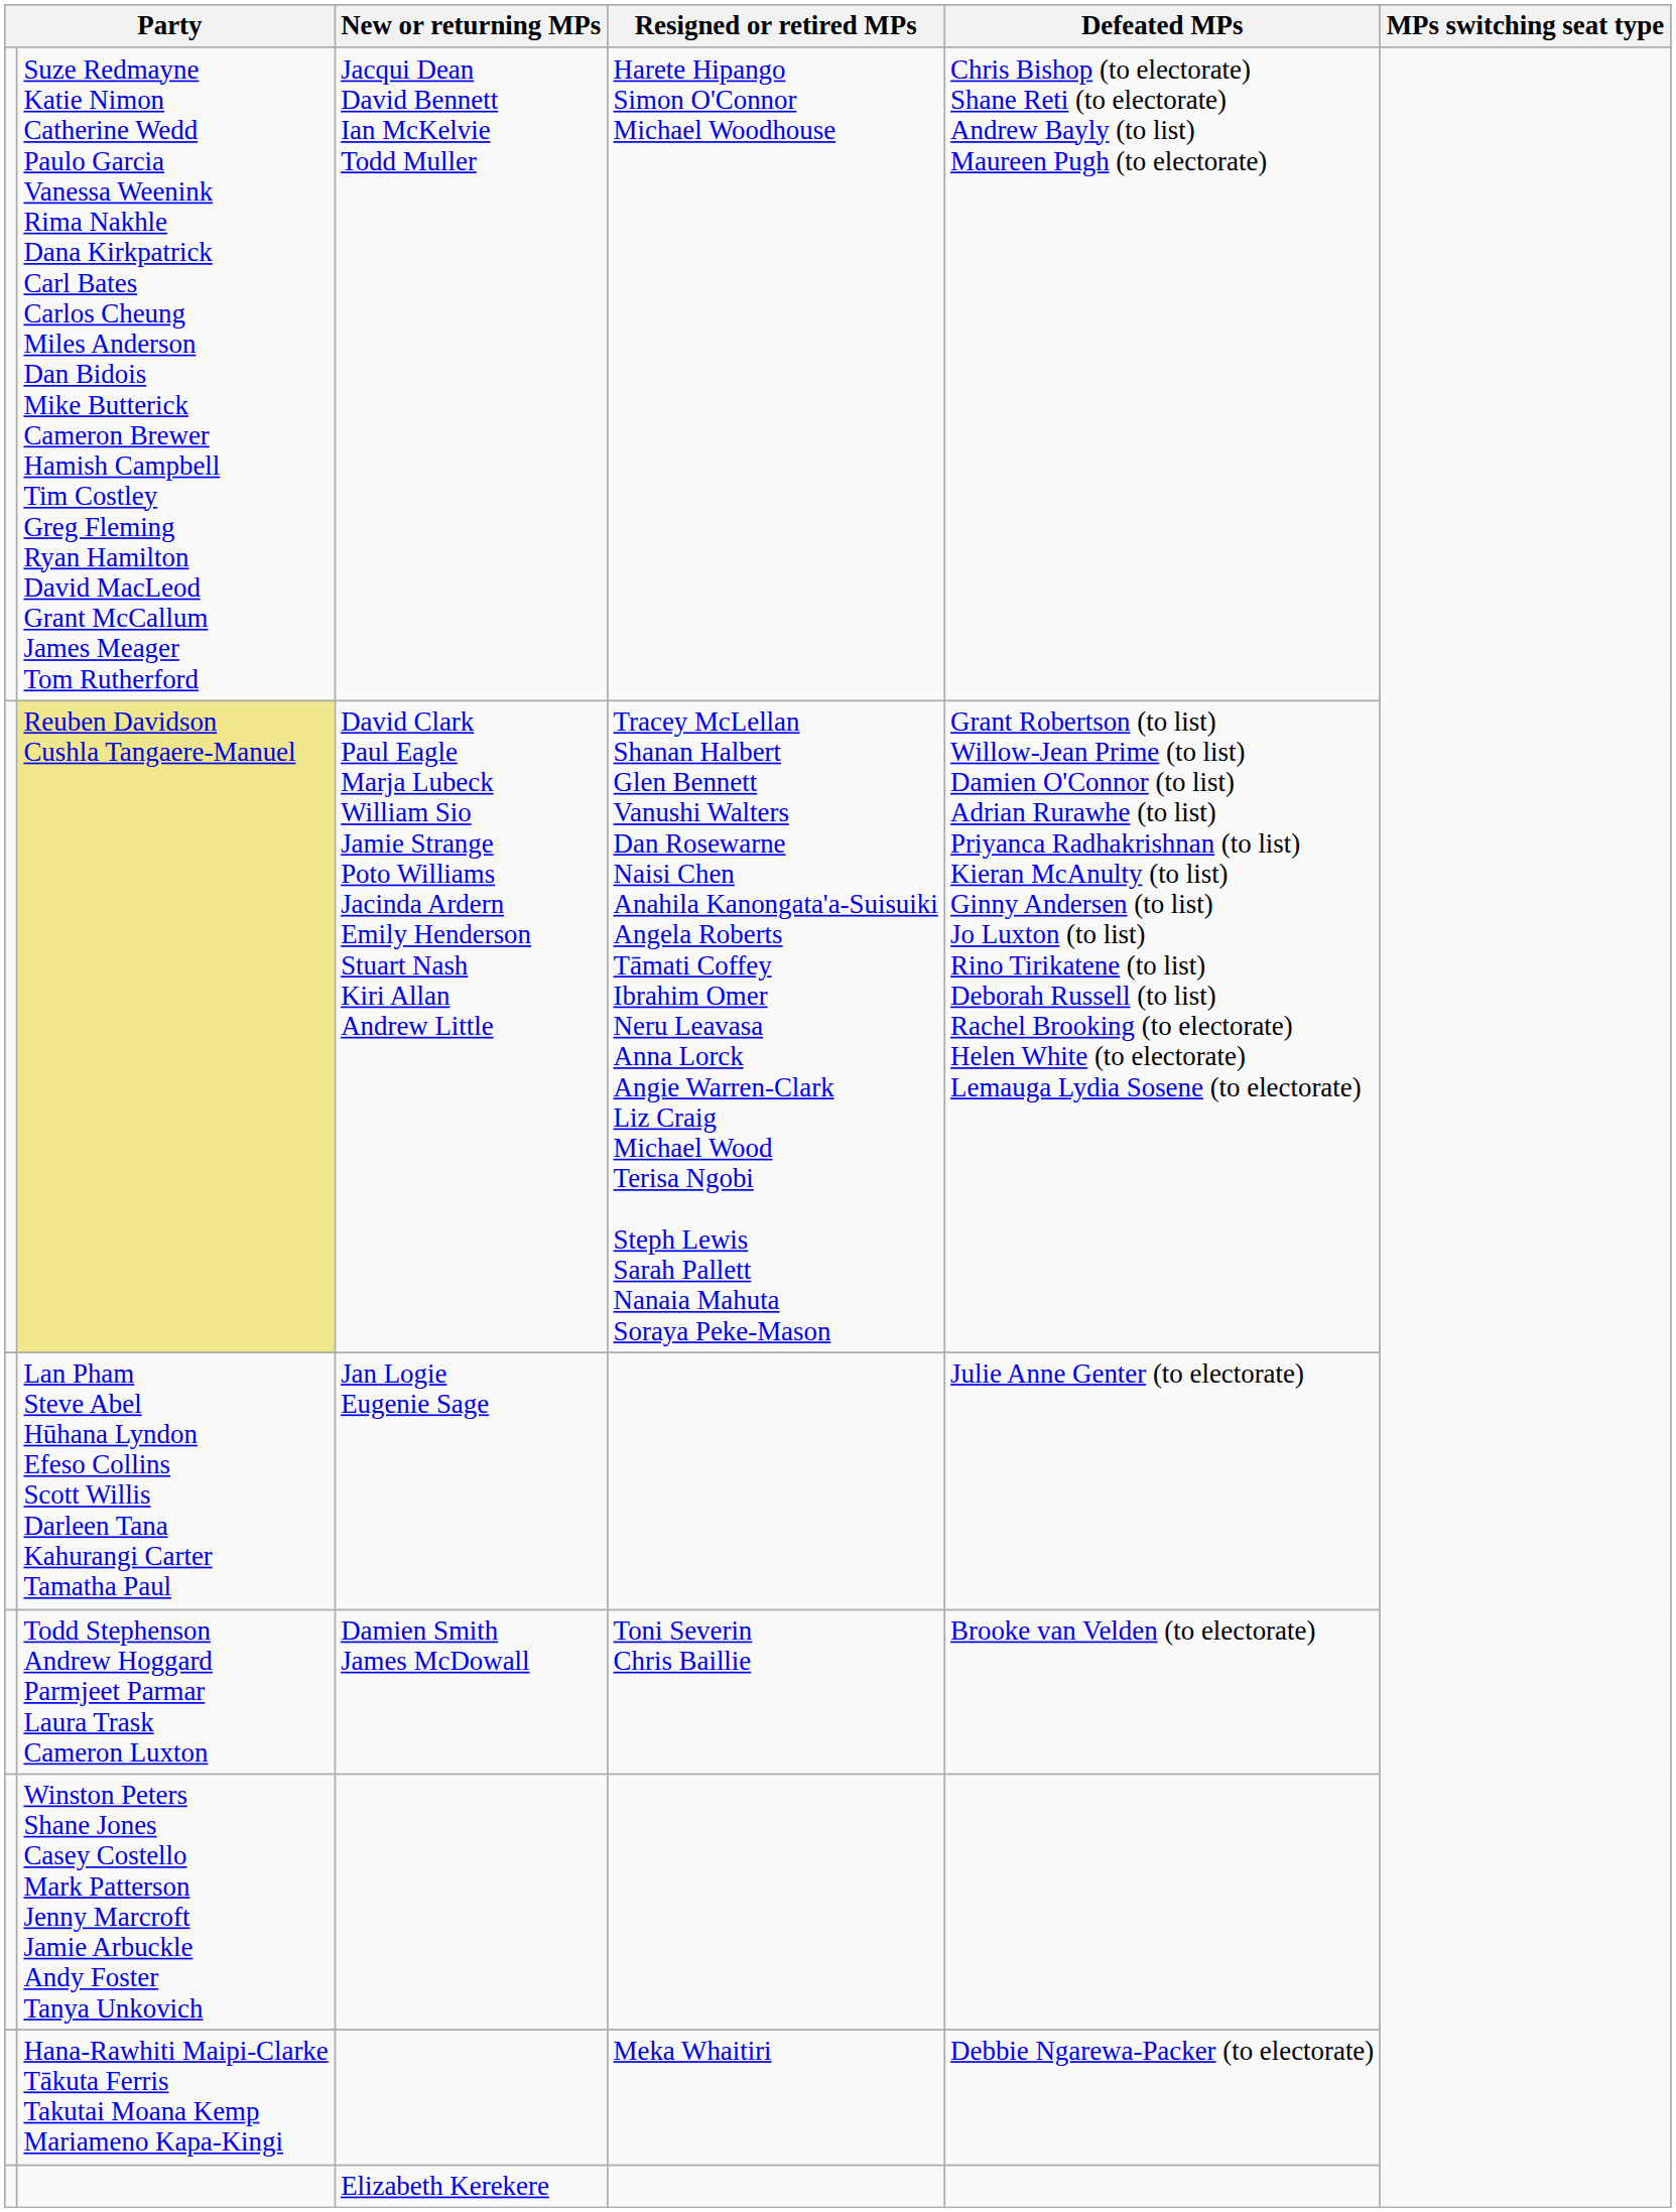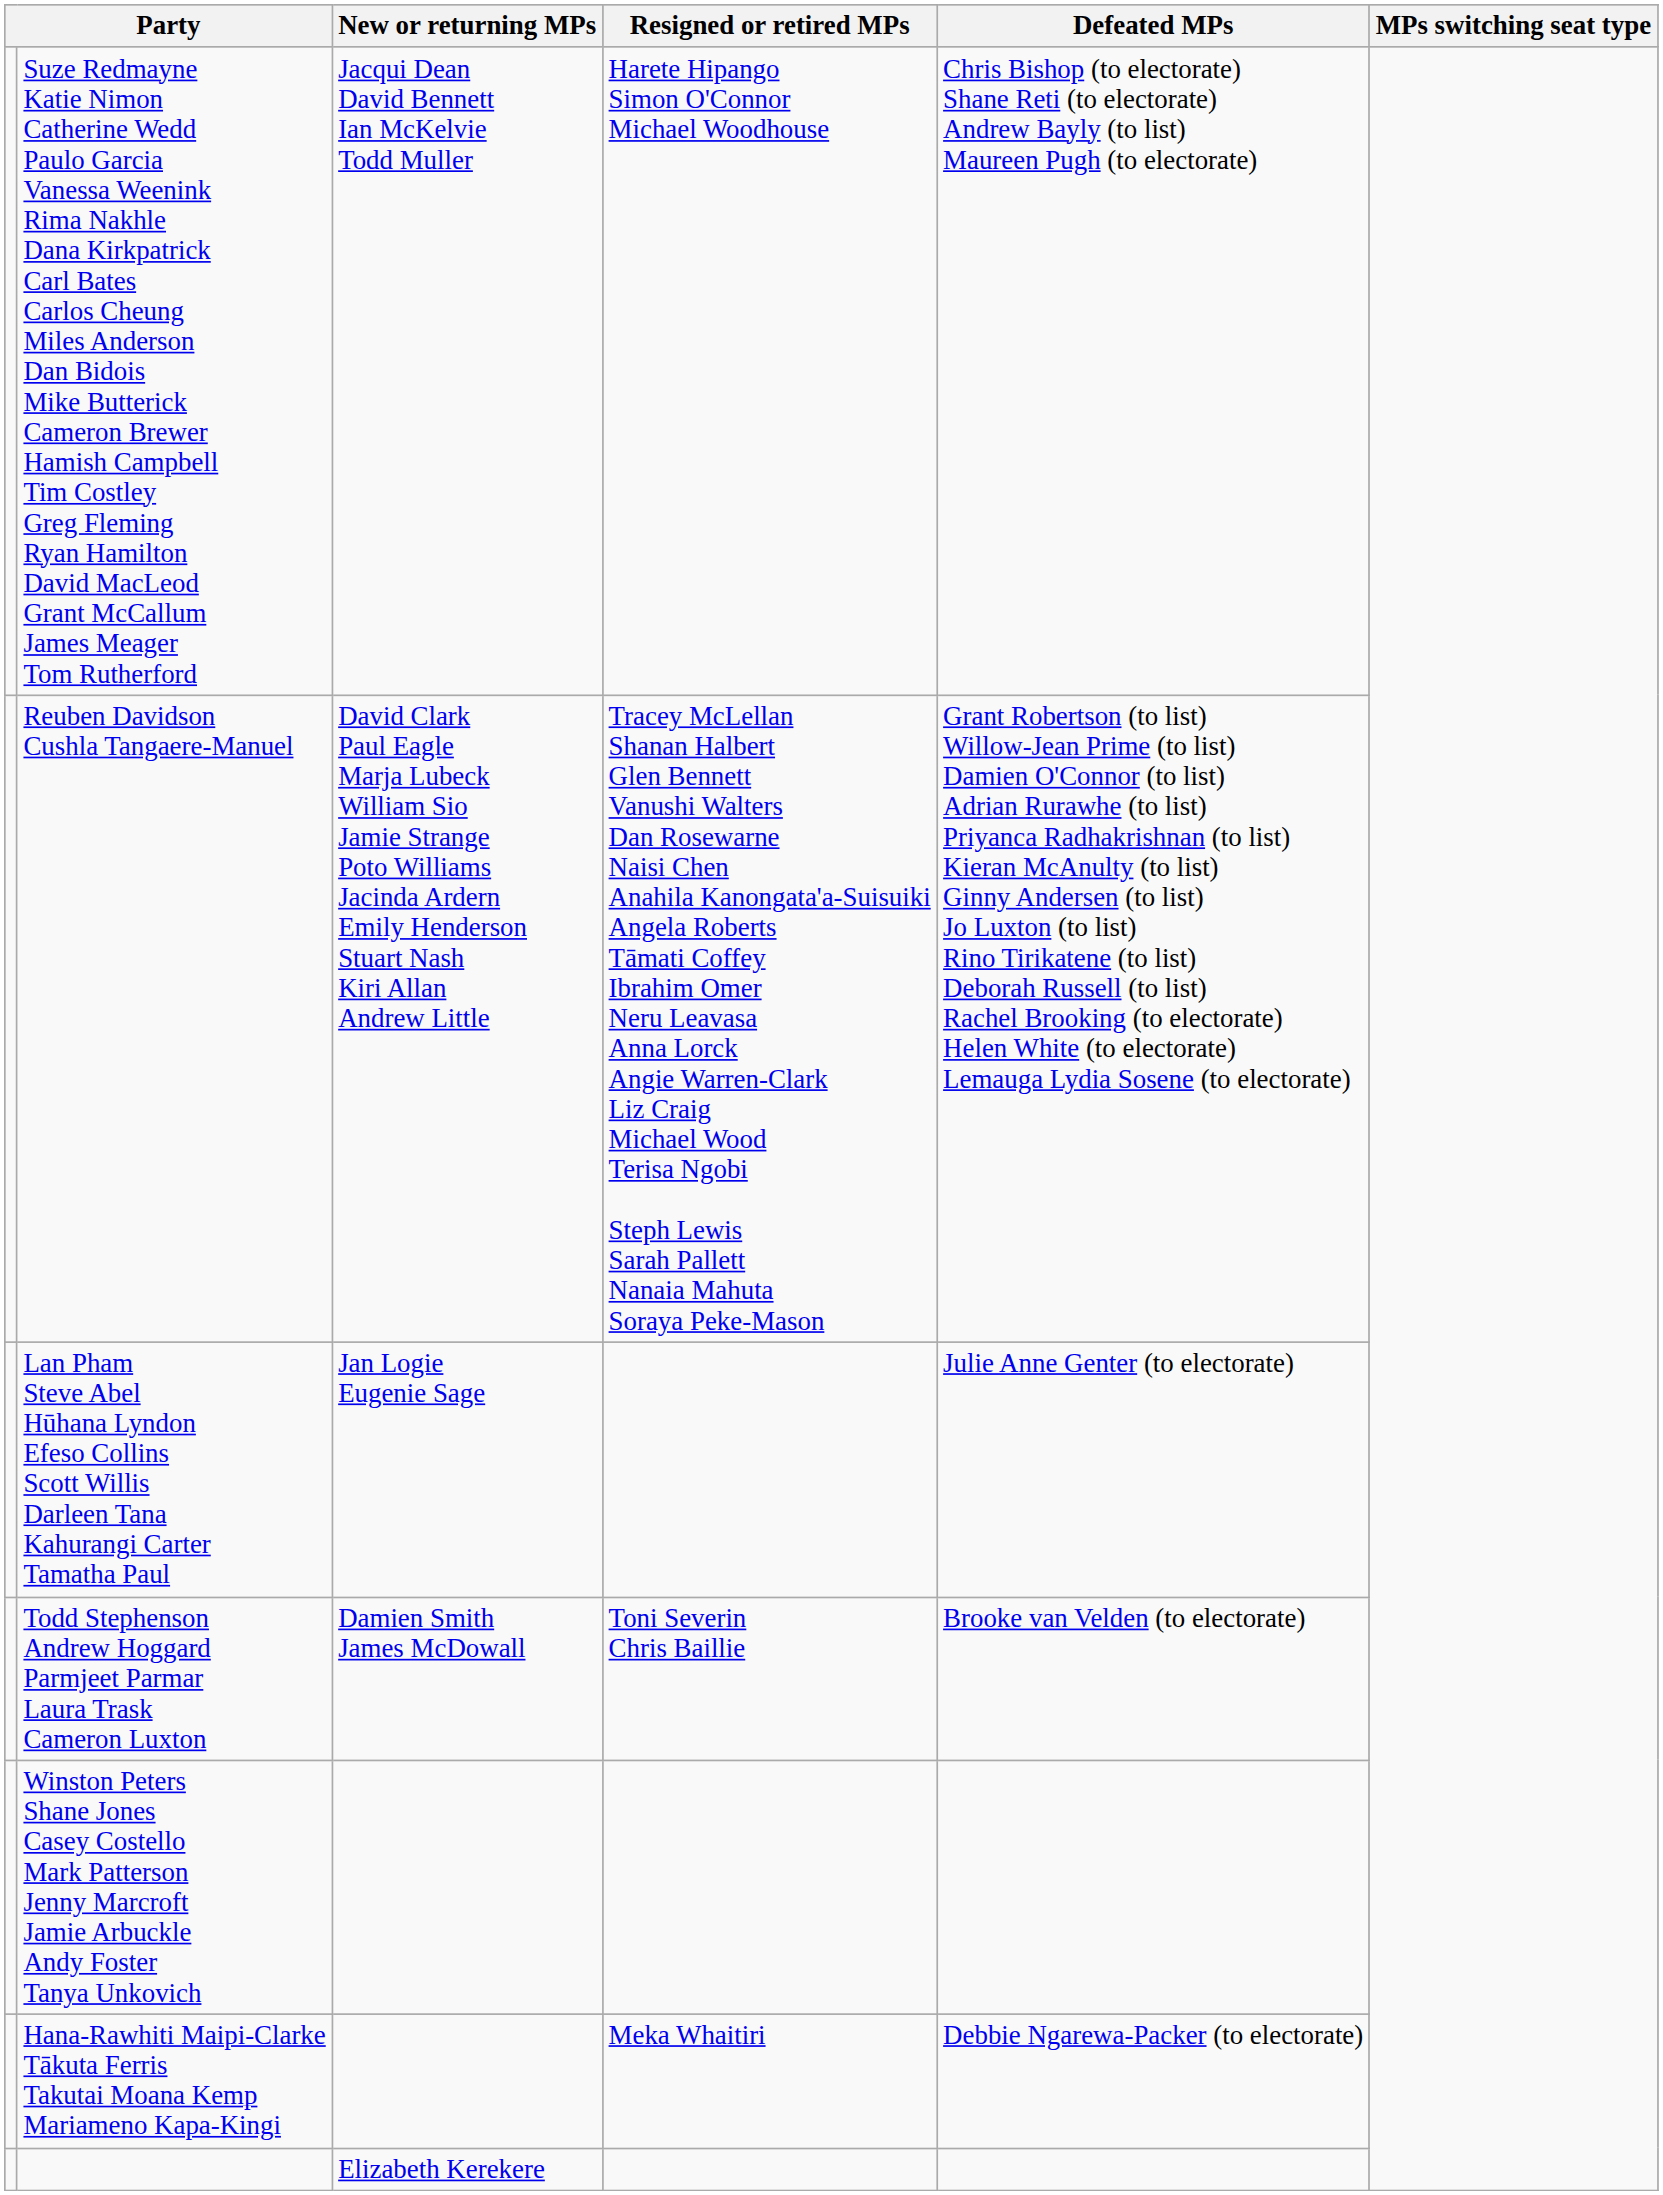 <table class="wikitable">
 <tr>
 <th colspan=2>Party</th>
 <th>New or returning MPs</th>
 <th>Resigned or retired MPs</th>
 <th>Defeated MPs</th>
 <th>MPs switching seat type</th>
 </tr>
 <tr valign="top">
 <td></td>
 <td><a href='#'>Suze Redmayne</a><br><a href='#'>Katie Nimon</a><br><a href='#'>Catherine Wedd</a><br><a href='#'>Paulo Garcia</a><br><a href='#'>Vanessa Weenink</a><br><a href='#'>Rima Nakhle</a><br><a href='#'>Dana Kirkpatrick</a><br><a href='#'>Carl Bates</a><br><a href='#'>Carlos Cheung</a><br><a href='#'>Miles Anderson</a><br><a href='#'>Dan Bidois</a><br><a href='#'>Mike Butterick</a><br><a href='#'>Cameron Brewer</a><br><a href='#'>Hamish Campbell</a><br><a href='#'>Tim Costley</a><br><a href='#'>Greg Fleming</a><br><a href='#'>Ryan Hamilton</a><br><a href='#'>David MacLeod</a><br><a href='#'>Grant McCallum</a><br><a href='#'>James Meager</a><br><a href='#'>Tom Rutherford</a></td>
 <td><a href='#'>Jacqui Dean</a><br><a href='#'>David Bennett</a><br><a href='#'>Ian McKelvie</a><br><a href='#'>Todd Muller</a></td>
 <td><a href='#'>Harete Hipango</a><br><a href='#'>Simon O'Connor</a><br><a href='#'>Michael Woodhouse</a></td>
 <td><a href='#'>Chris Bishop</a> (to electorate)<br><a href='#'>Shane Reti</a> (to electorate)<br><a href='#'>Andrew Bayly</a> (to list)<br><a href='#'>Maureen Pugh</a> (to electorate)</td>
 </tr>
 <tr valign="top">
 <td></td>
-<td style="background: khaki;"><a href='#'>Reuben Davidson</a><br><a href='#'>Cushla Tangaere-Manuel</a><br></td>
+<td><a href='#'>Reuben Davidson</a><br><a href='#'>Cushla Tangaere-Manuel</a><br></td>
 <td><a href='#'>David Clark</a><br><a href='#'>Paul Eagle</a><br><a href='#'>Marja Lubeck</a><br><a href='#'>William Sio</a><br><a href='#'>Jamie Strange</a><br><a href='#'>Poto Williams</a><br><a href='#'>Jacinda Ardern</a><br><a href='#'>Emily Henderson</a><br><a href='#'>Stuart Nash</a><br><a href='#'>Kiri Allan</a><br><a href='#'>Andrew Little</a></td>
 <td><a href='#'>Tracey McLellan</a><br><a href='#'>Shanan Halbert</a><br><a href='#'>Glen Bennett</a><br><a href='#'>Vanushi Walters</a><br><a href='#'>Dan Rosewarne</a><br><a href='#'>Naisi Chen</a><br><a href='#'>Anahila Kanongata'a-Suisuiki</a><br><a href='#'>Angela Roberts</a><br><a href='#'>Tāmati Coffey</a><br><a href='#'>Ibrahim Omer</a><br><a href='#'>Neru Leavasa</a><br><a href='#'>Anna Lorck</a><br><a href='#'>Angie Warren-Clark</a><br><a href='#'>Liz Craig</a><br><a href='#'>Michael Wood</a><br><a href='#'>Terisa Ngobi</a><br><br><a href='#'>Steph Lewis</a><br><a href='#'>Sarah Pallett</a><br><a href='#'>Nanaia Mahuta</a><br><a href='#'>Soraya Peke-Mason</a></td>
 <td><a href='#'>Grant Robertson</a> (to list)<br><a href='#'>Willow-Jean Prime</a> (to list)<br><a href='#'>Damien O'Connor</a> (to list)<br><a href='#'>Adrian Rurawhe</a> (to list)<br><a href='#'>Priyanca Radhakrishnan</a> (to list)<br><a href='#'>Kieran McAnulty</a> (to list)<br><a href='#'>Ginny Andersen</a> (to list)<br><a href='#'>Jo Luxton</a> (to list)<br><a href='#'>Rino Tirikatene</a> (to list)<br><a href='#'>Deborah Russell</a> (to list)<br><a href='#'>Rachel Brooking</a> (to electorate)<br><a href='#'>Helen White</a> (to electorate)<br><a href='#'>Lemauga Lydia Sosene</a> (to electorate)</td>
 </tr>
 <tr valign="top">
 <td></td>
 <td><a href='#'>Lan Pham</a><br><a href='#'>Steve Abel</a><br><a href='#'>Hūhana Lyndon</a><br><a href='#'>Efeso Collins</a><br><a href='#'>Scott Willis</a><br><a href='#'>Darleen Tana</a><br><a href='#'>Kahurangi Carter</a><br><a href='#'>Tamatha Paul</a></td>
 <td><a href='#'>Jan Logie</a><br><a href='#'>Eugenie Sage</a></td>
 <td></td>
 <td><a href='#'>Julie Anne Genter</a> (to electorate)</td>
 </tr>
 <tr valign="top">
 <td></td>
 <td><a href='#'>Todd Stephenson</a><br><a href='#'>Andrew Hoggard</a><br><a href='#'>Parmjeet Parmar</a><br><a href='#'>Laura Trask</a><br><a href='#'>Cameron Luxton</a></td>
 <td><a href='#'>Damien Smith</a><br><a href='#'>James McDowall</a></td>
 <td><a href='#'>Toni Severin</a><br><a href='#'>Chris Baillie</a></td>
 <td><a href='#'>Brooke van Velden</a> (to electorate)</td>
 </tr>
 <tr valign="top">
 <td></td>
 <td><a href='#'>Winston Peters</a><br><a href='#'>Shane Jones</a><br><a href='#'>Casey Costello</a><br><a href='#'>Mark Patterson</a><br><a href='#'>Jenny Marcroft</a><br><a href='#'>Jamie Arbuckle</a><br><a href='#'>Andy Foster</a><br><a href='#'>Tanya Unkovich</a></td>
 <td></td>
 <td></td>
 <td></td>
 </tr>
 <tr valign="top">
 <td></td>
 <td><a href='#'>Hana-Rawhiti Maipi-Clarke</a><br><a href='#'>Tākuta Ferris</a><br><a href='#'>Takutai Moana Kemp</a><br><a href='#'>Mariameno Kapa-Kingi</a></td>
 <td></td>
 <td><a href='#'>Meka Whaitiri</a></td>
 <td><a href='#'>Debbie Ngarewa-Packer</a> (to electorate)</td>
 </tr>
 <tr valign="top">
 <td></td>
 <td></td>
 <td><a href='#'>Elizabeth Kerekere</a></td>
 <td></td>
 <td></td>
 </tr>
 </table>
